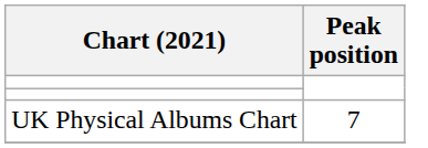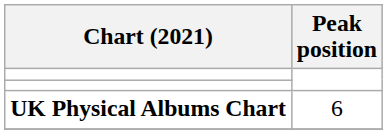 <table class="wikitable plainrowheaders" style="text-align:center; background-color: #FFFFFF;">
 <tr>
 <th>Chart (2021)</th>
 <th>Peak<br>position</th>
 </tr>
 <tr>
 <td></td>
 </tr>
 <tr>
 <td></td>
 </tr>
 <tr>
-<td style="background-color: #FFFFFF; color: black;">UK Physical Albums Chart</td>
-<td style="text-align:center;">7</td>
+<td style="background-color: #FFFFFF; color: black;"><strong>UK Physical Albums Chart</strong></td>
+<td style="text-align:center;">6</td>
 </tr>
 <tr>
 </tr>
 </table>
